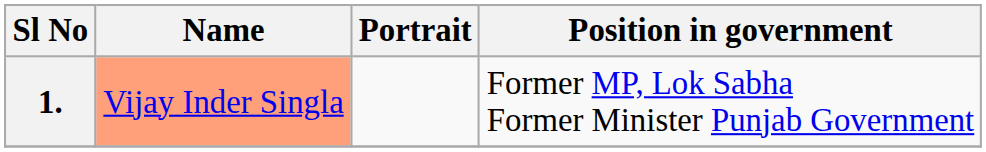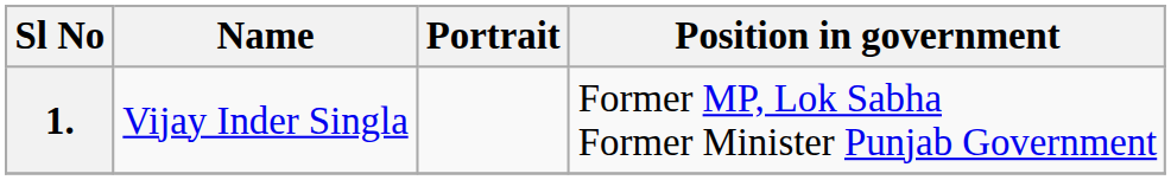 <table class="sortable wikitable">
 <tr>
 <th style="text-align:center;">Sl No</th>
 <th style="text-align:center;">Name</th>
 <th style="text-align:center;">Portrait</th>
 <th style="text-align:center;">Position in government</th>
 </tr>
 <tr style="text-align:left;">
 <th>1.</th>
-<td style="background: lightsalmon;"><a href='#'>Vijay Inder Singla</a></td>
+<td><a href='#'>Vijay Inder Singla</a></td>
 <td></td>
 <td>Former <a href='#'>MP, Lok Sabha</a><br>Former Minister <a href='#'> Punjab Government</a></td>
 </tr>
 <tr>
 </tr>
 </table>
